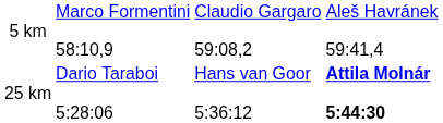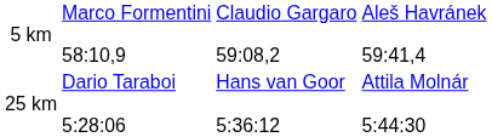 <table>
 <tr>
 <td align=center>5 km</td>
 <td><a href='#'>Marco Formentini</a> <br><br> 58:10,9</td>
 <td><a href='#'>Claudio Gargaro</a> <br><br> 59:08,2</td>
 <td><a href='#'>Aleš Havránek</a> <br><br> 59:41,4</td>
 </tr>
 <tr>
 <td align=center>25 km</td>
 <td><a href='#'>Dario Taraboi</a> <br><br> 5:28:06</td>
 <td><a href='#'>Hans van Goor</a> <br><br> 5:36:12</td>
-<td><strong><a href='#'>Attila Molnár</a> <br><br> 5:44:30</strong></td>
+<td><a href='#'>Attila Molnár</a> <br><br> 5:44:30</td>
 </tr>
 </table>
